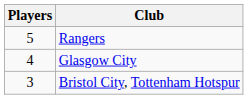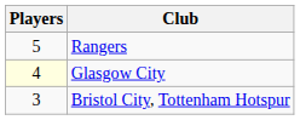 <table class="wikitable">
 <tr>
 <th>Players</th>
 <th>Club</th>
 </tr>
 <tr>
 <td align="center">5</td>
 <td> <a href='#'>Rangers</a></td>
 </tr>
 <tr>
-<td align="center">4</td>
+<td align="center" style="background: lightyellow;">4</td>
 <td> <a href='#'>Glasgow City</a></td>
 </tr>
 <tr>
 <td align="center">3</td>
 <td> <a href='#'>Bristol City</a>,  <a href='#'>Tottenham Hotspur</a></td>
 </tr>
 </table>
